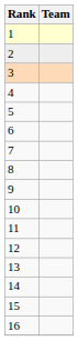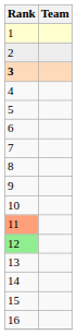 <table class="wikitable">
 <tr>
 <th>Rank</th>
 <th>Team</th>
 </tr>
 <tr style="background:#ffffd0">
 <td>1</td>
 <td></td>
 </tr>
 <tr style="background:#eeeeee">
 <td>2</td>
 <td></td>
 </tr>
 <tr style="background:#FFDAB9">
-<td>3</td>
+<td><strong>3</strong></td>
 <td></td>
 </tr>
 <tr>
 <td>4</td>
 <td></td>
 </tr>
 <tr>
 <td>5</td>
 <td></td>
 </tr>
 <tr>
 <td>6</td>
 <td></td>
 </tr>
 <tr>
 <td>7</td>
 <td></td>
 </tr>
 <tr>
 <td>8</td>
 <td></td>
 </tr>
 <tr>
 <td>9</td>
 <td></td>
 </tr>
 <tr>
 <td>10</td>
 <td></td>
 </tr>
 <tr>
-<td>11</td>
+<td style="background: lightsalmon;">11</td>
 <td></td>
 </tr>
 <tr>
-<td>12</td>
+<td style="background: lightgreen;">12</td>
 <td></td>
 </tr>
 <tr>
 <td>13</td>
 <td></td>
 </tr>
 <tr>
 <td>14</td>
 <td></td>
 </tr>
 <tr>
 <td>15</td>
 <td></td>
 </tr>
 <tr>
 <td>16</td>
 <td></td>
 </tr>
 <tr>
 </tr>
 </table>
